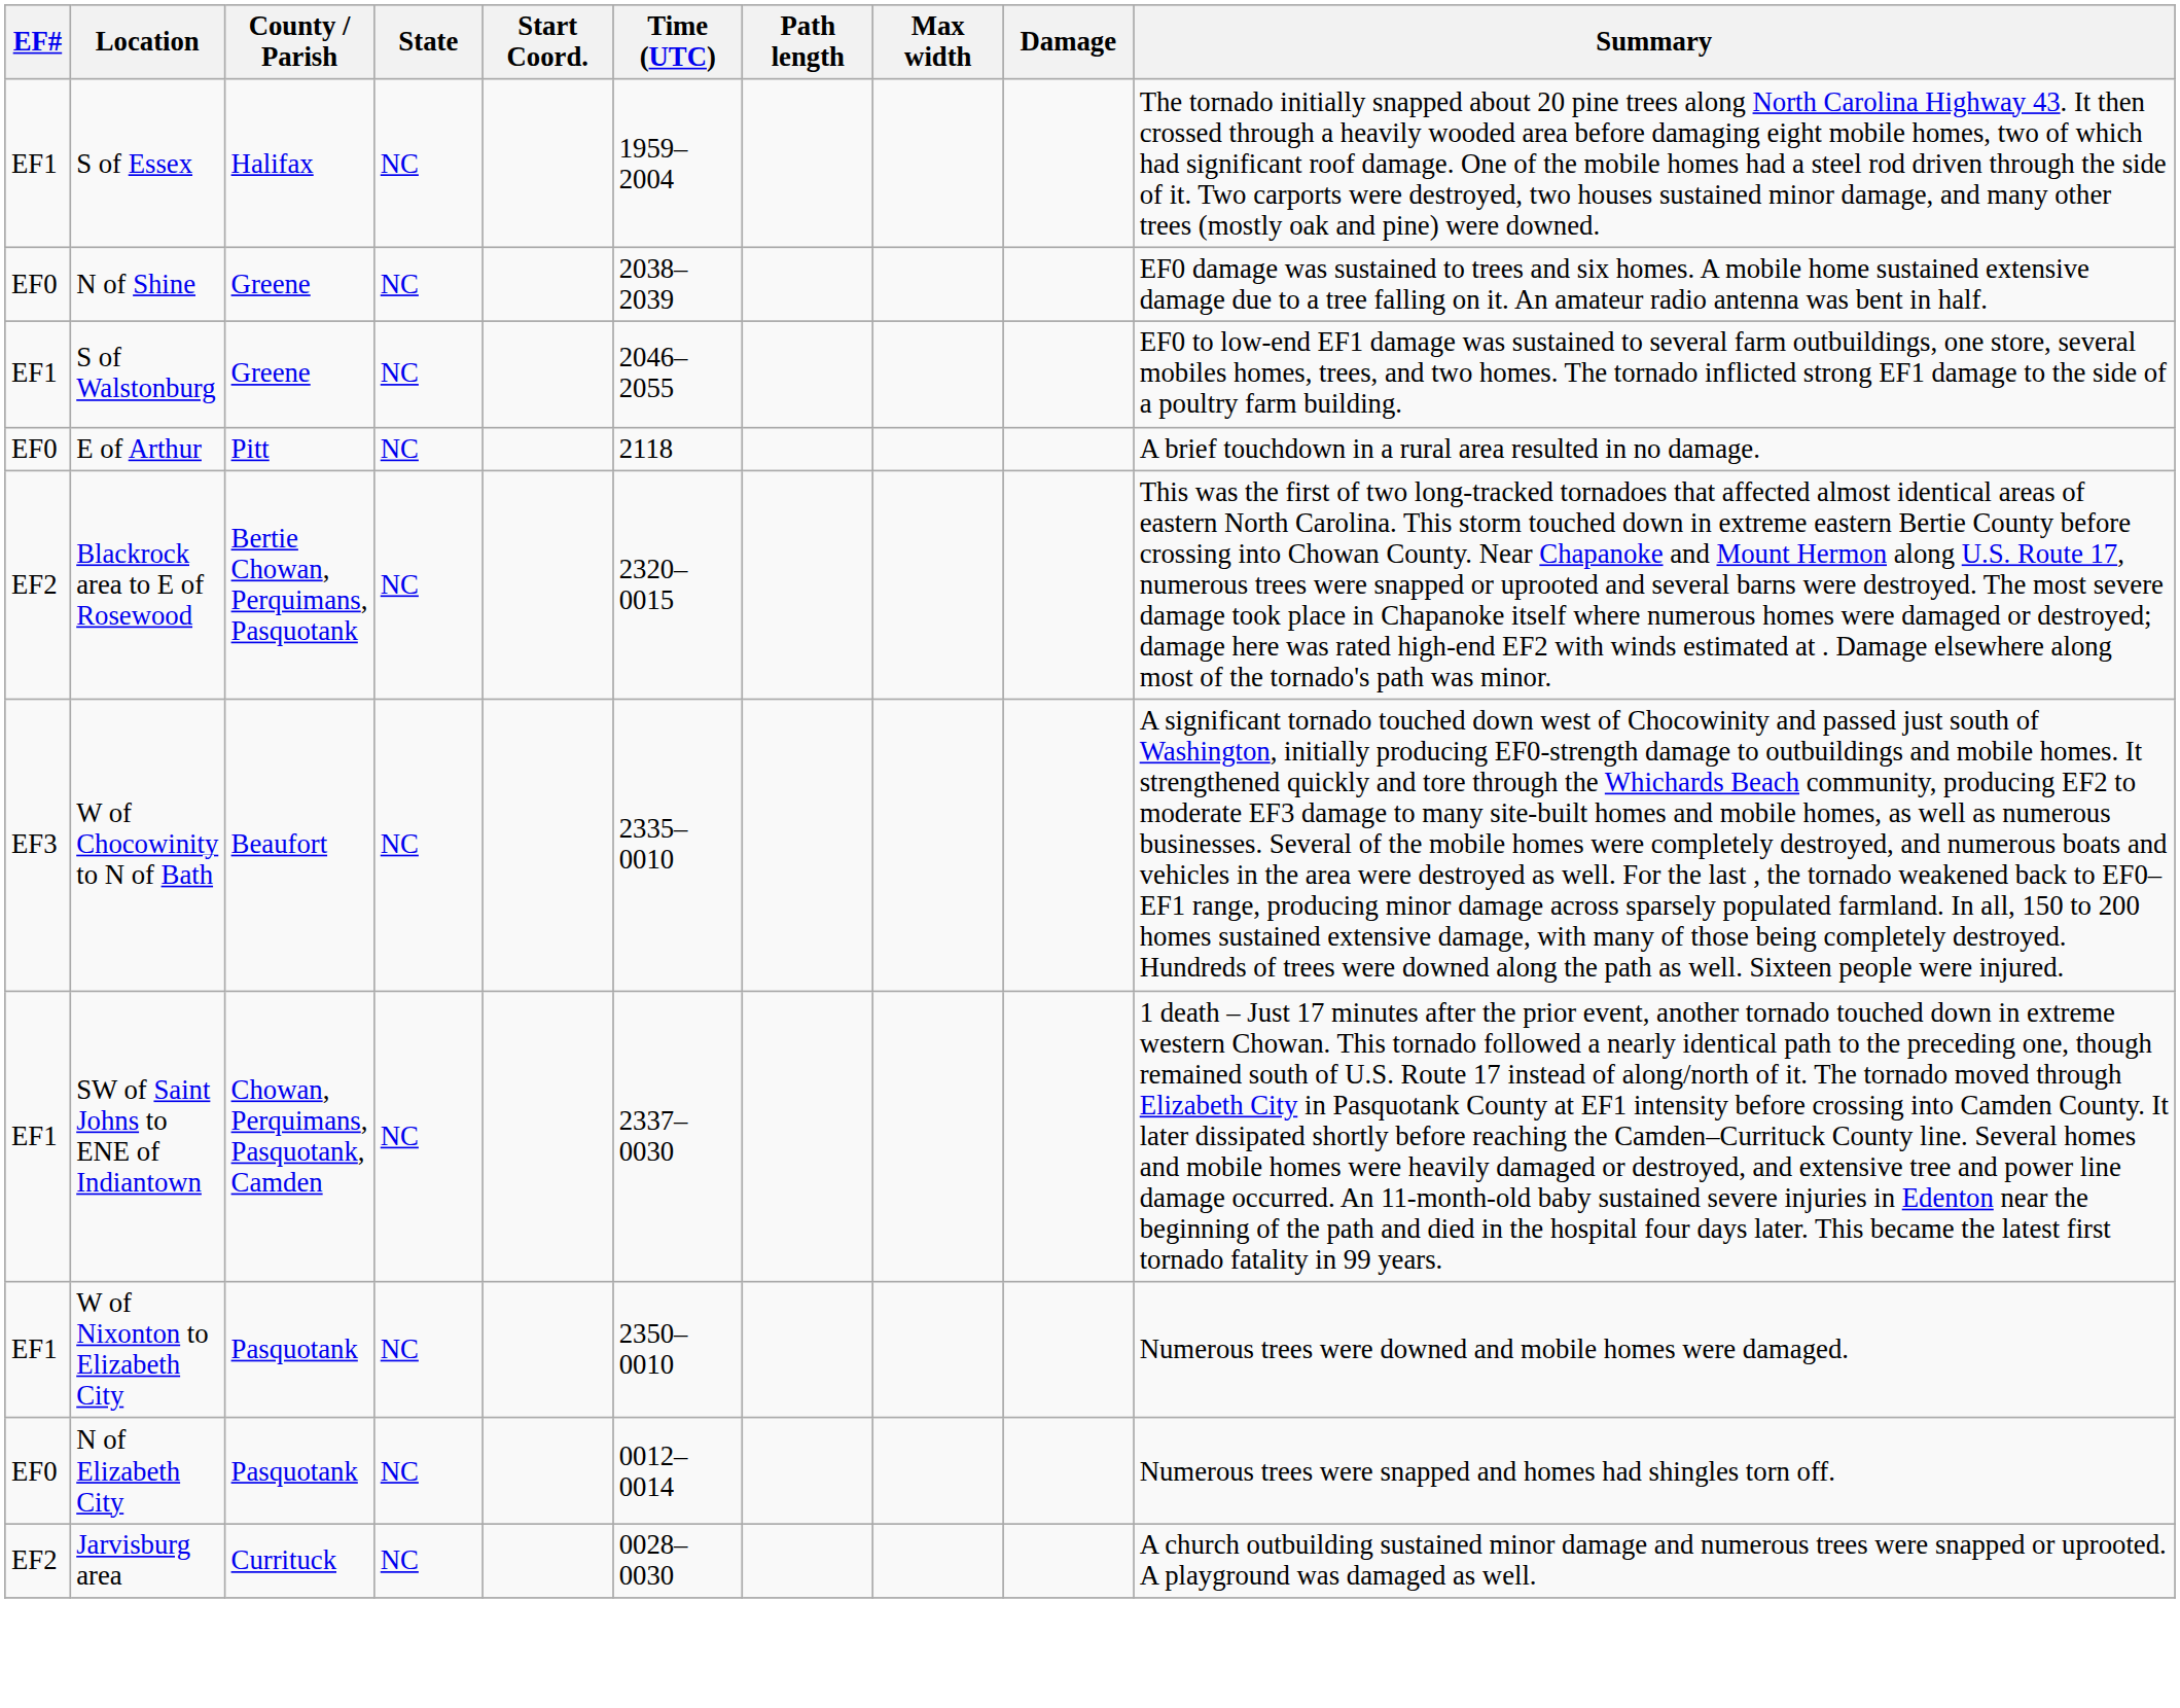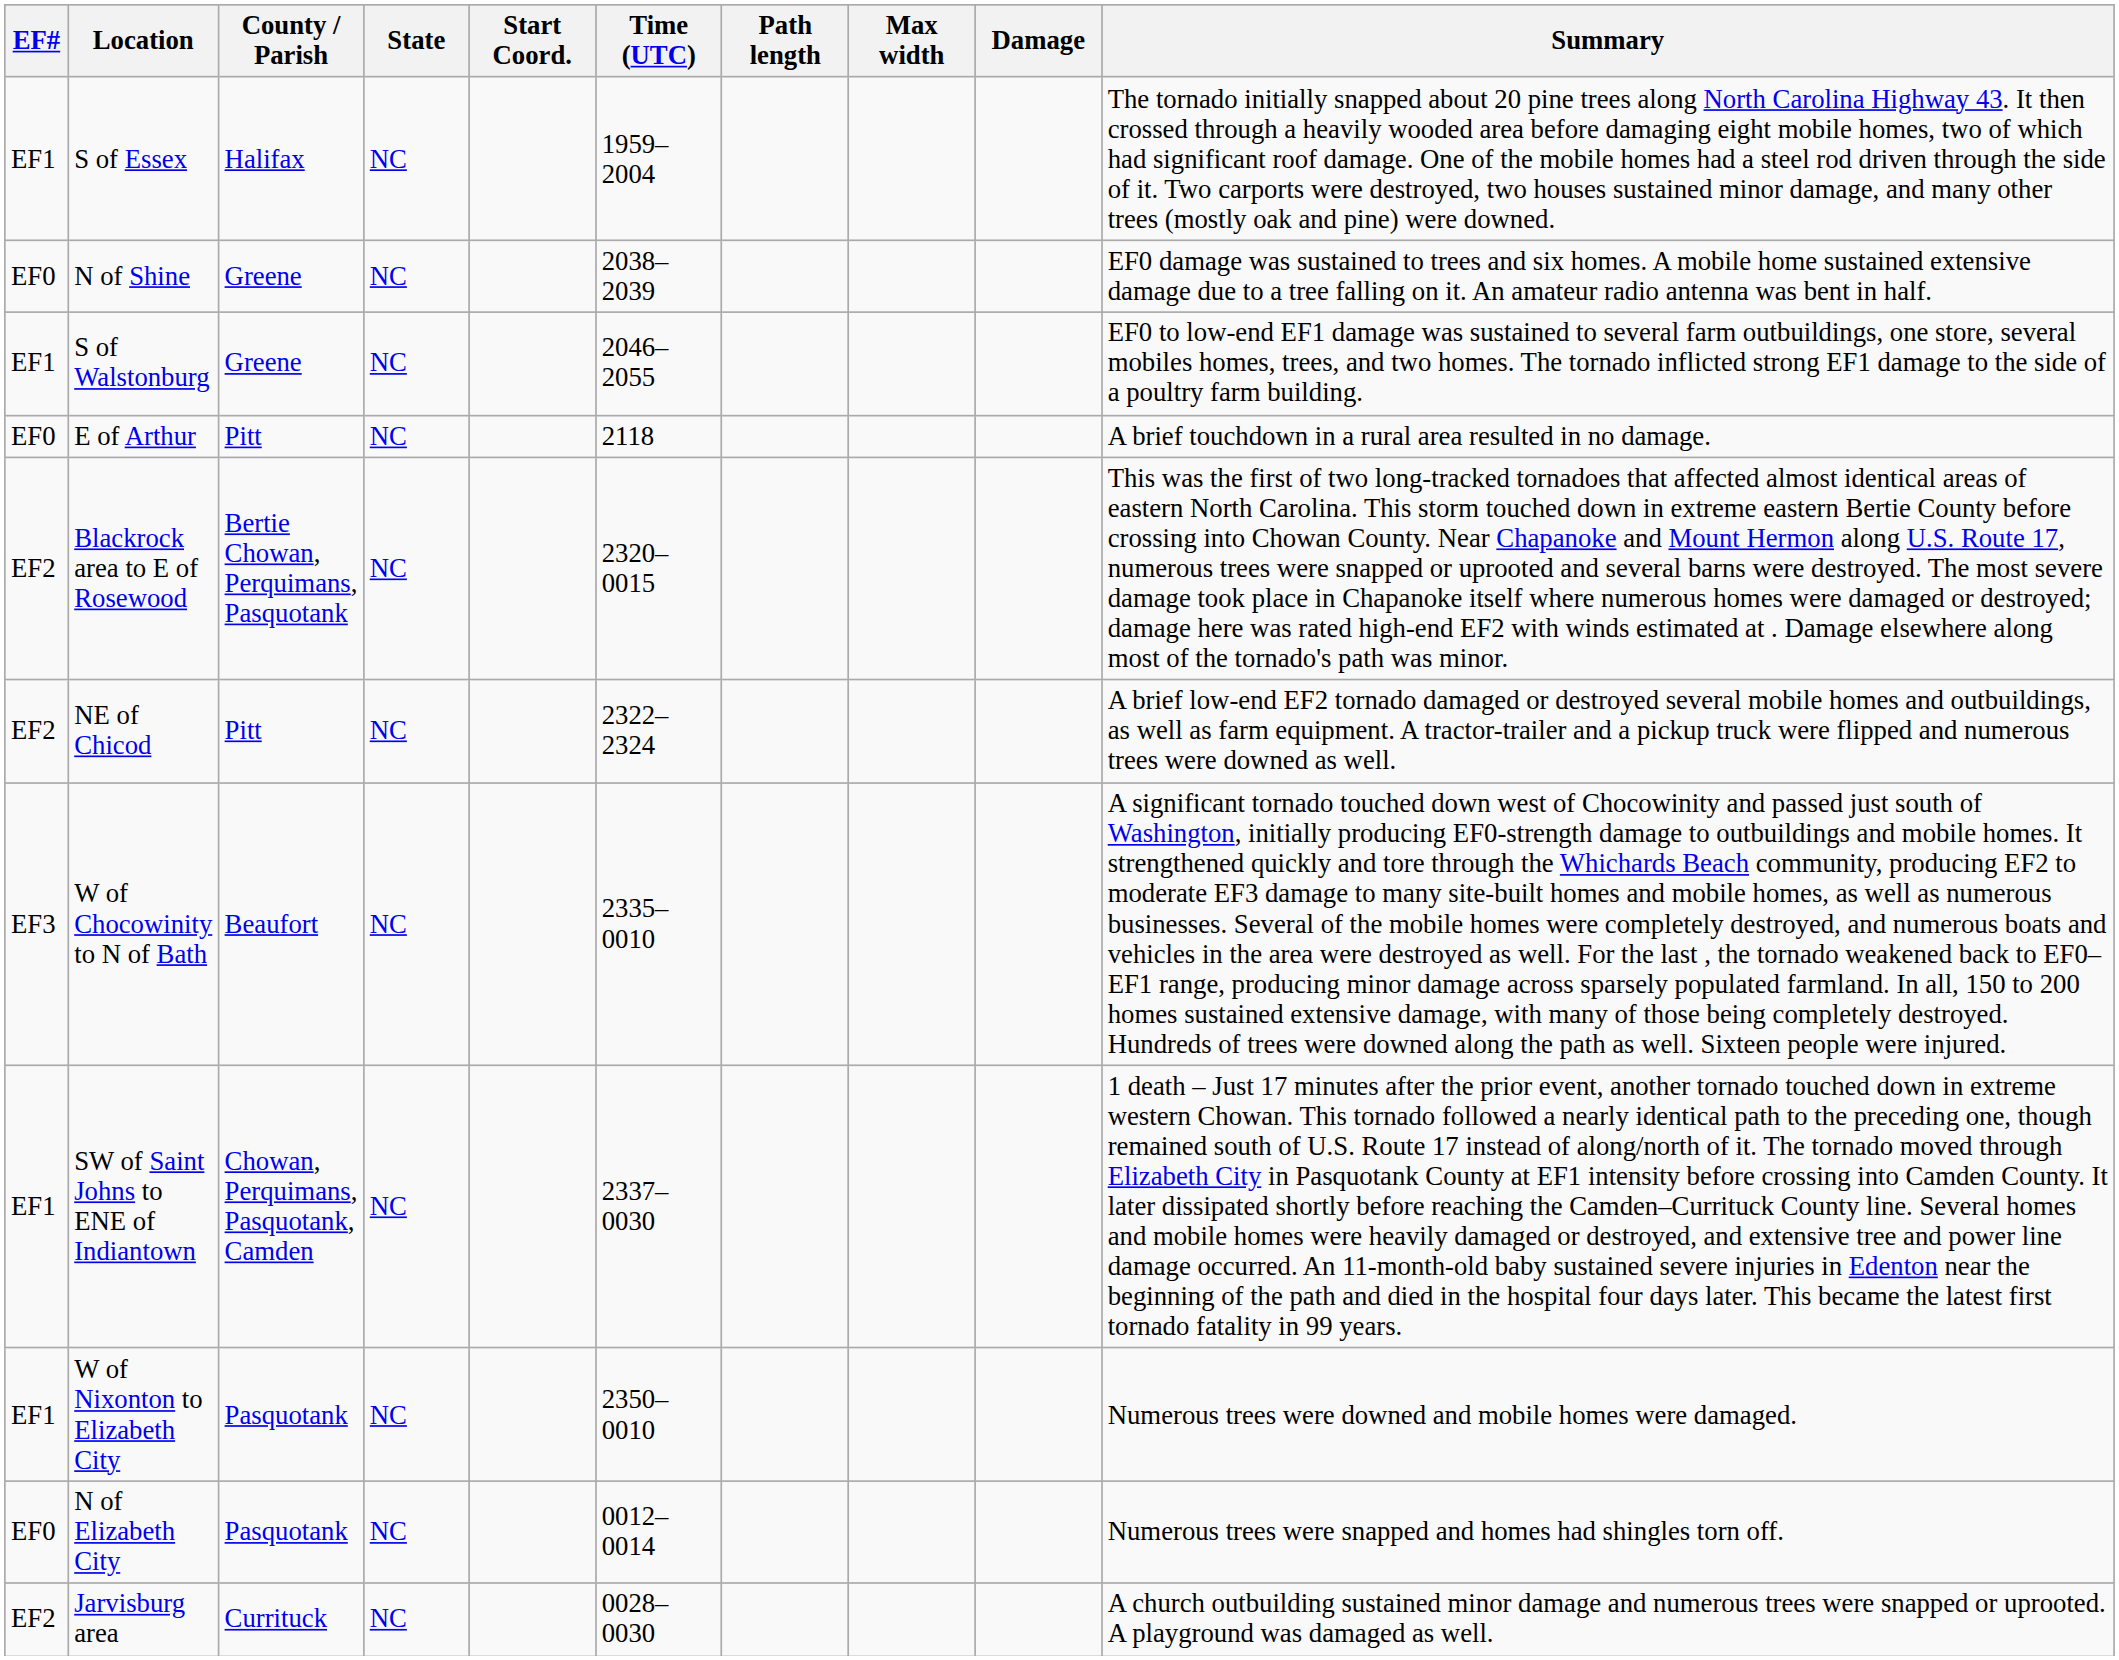 <table class="wikitable sortable" style="width:100%;">
 <tr>
 <th scope="col" width="3%" align="center"><a href='#'>EF#</a></th>
 <th scope="col" width="7%" align="center" class="unsortable">Location</th>
 <th scope="col" width="6%" align="center" class="unsortable">County / Parish</th>
 <th scope="col" width="5%" align="center">State</th>
 <th scope="col" width="6%" align="center">Start Coord.</th>
 <th scope="col" width="6%" align="center">Time (<a href='#'>UTC</a>)</th>
 <th scope="col" width="6%" align="center">Path length</th>
 <th scope="col" width="6%" align="center">Max width</th>
 <th scope="col" width="6%" align="center">Damage</th>
 <th scope="col" width="48%" class="unsortable" align="center">Summary</th>
 </tr>
 <tr>
 <td>EF1</td>
 <td>S of <a href='#'>Essex</a></td>
 <td><a href='#'>Halifax</a></td>
 <td><a href='#'>NC</a></td>
 <td></td>
 <td>1959–2004</td>
 <td></td>
 <td></td>
 <td></td>
 <td>The tornado initially snapped about 20 pine trees along <a href='#'>North Carolina Highway 43</a>. It then crossed through a heavily wooded area before damaging eight mobile homes, two of which had significant roof damage. One of the mobile homes had a steel rod driven through the side of it. Two carports were destroyed, two houses sustained minor damage, and many other trees (mostly oak and pine) were downed.</td>
 </tr>
 <tr>
 <td>EF0</td>
 <td>N of <a href='#'>Shine</a></td>
 <td><a href='#'>Greene</a></td>
 <td><a href='#'>NC</a></td>
 <td></td>
 <td>2038–2039</td>
 <td></td>
 <td></td>
 <td></td>
 <td>EF0 damage was sustained to trees and six homes. A mobile home sustained extensive damage due to a tree falling on it. An amateur radio antenna was bent in half.</td>
 </tr>
 <tr>
 <td>EF1</td>
 <td>S of <a href='#'>Walstonburg</a></td>
 <td><a href='#'>Greene</a></td>
 <td><a href='#'>NC</a></td>
 <td></td>
 <td>2046–2055</td>
 <td></td>
 <td></td>
 <td></td>
 <td>EF0 to low-end EF1 damage was sustained to several farm outbuildings, one store, several mobiles homes, trees, and two homes. The tornado inflicted strong EF1 damage to the side of a poultry farm building.</td>
 </tr>
 <tr>
 <td>EF0</td>
 <td>E of <a href='#'>Arthur</a></td>
 <td><a href='#'>Pitt</a></td>
 <td><a href='#'>NC</a></td>
 <td></td>
 <td>2118</td>
 <td></td>
 <td></td>
 <td></td>
 <td>A brief touchdown in a rural area resulted in no damage.</td>
 </tr>
 <tr>
 <td>EF2</td>
 <td><a href='#'>Blackrock</a> area to E of <a href='#'>Rosewood</a></td>
 <td><a href='#'>Bertie</a> <a href='#'>Chowan</a>, <a href='#'>Perquimans</a>, <a href='#'>Pasquotank</a></td>
 <td><a href='#'>NC</a></td>
 <td></td>
 <td>2320–0015</td>
 <td></td>
 <td></td>
 <td></td>
 <td>This was the first of two long-tracked tornadoes that affected almost identical areas of eastern North Carolina. This storm touched down in extreme eastern Bertie County before crossing into Chowan County. Near <a href='#'>Chapanoke</a> and <a href='#'>Mount Hermon</a> along <a href='#'>U.S. Route 17</a>, numerous trees were snapped or uprooted and several barns were destroyed. The most severe damage took place in Chapanoke itself where numerous homes were damaged or destroyed; damage here was rated high-end EF2 with winds estimated at . Damage elsewhere along most of the tornado's path was minor.</td>
 </tr>
 <tr>
+<td>EF2</td>
+<td>NE of <a href='#'>Chicod</a></td>
+<td><a href='#'>Pitt</a></td>
+<td><a href='#'>NC</a></td>
+<td></td>
+<td>2322–2324</td>
+<td></td>
+<td></td>
+<td></td>
+<td>A brief low-end EF2 tornado damaged or destroyed several mobile homes and outbuildings, as well as farm equipment. A tractor-trailer and a pickup truck were flipped and numerous trees were downed as well.</td>
+</tr>
+<tr>
 <td>EF3</td>
 <td>W of <a href='#'>Chocowinity</a> to N of <a href='#'>Bath</a></td>
 <td><a href='#'>Beaufort</a></td>
 <td><a href='#'>NC</a></td>
 <td></td>
 <td>2335–0010</td>
 <td></td>
 <td></td>
 <td></td>
 <td>A significant tornado touched down west of Chocowinity and passed just south of <a href='#'>Washington</a>, initially producing EF0-strength damage to outbuildings and mobile homes. It strengthened quickly and tore through the <a href='#'>Whichards Beach</a> community, producing EF2 to moderate EF3 damage to many site-built homes and mobile homes, as well as numerous businesses. Several of the mobile homes were completely destroyed, and numerous boats and vehicles in the area were destroyed as well. For the last , the tornado weakened back to EF0–EF1 range, producing minor damage across sparsely populated farmland. In all, 150 to 200 homes sustained extensive damage, with many of those being completely destroyed. Hundreds of trees were downed along the path as well. Sixteen people were injured.</td>
 </tr>
 <tr>
 <td>EF1</td>
 <td>SW of <a href='#'>Saint Johns</a> to ENE of <a href='#'>Indiantown</a></td>
 <td><a href='#'>Chowan</a>, <a href='#'>Perquimans</a>, <a href='#'>Pasquotank</a>, <a href='#'>Camden</a></td>
 <td><a href='#'>NC</a></td>
 <td></td>
 <td>2337–0030</td>
 <td></td>
 <td></td>
 <td></td>
 <td>1 death – Just 17 minutes after the prior event, another tornado touched down in extreme western Chowan. This tornado followed a nearly identical path to the preceding one, though remained south of U.S. Route 17 instead of along/north of it. The tornado moved through <a href='#'>Elizabeth City</a> in Pasquotank County at EF1 intensity before crossing into Camden County. It later dissipated shortly before reaching the Camden–Currituck County line. Several homes and mobile homes were heavily damaged or destroyed, and extensive tree and power line damage occurred. An 11-month-old baby sustained severe injuries in <a href='#'>Edenton</a> near the beginning of the path and died in the hospital four days later. This became the latest first tornado fatality in 99 years.</td>
 </tr>
 <tr>
 <td>EF1</td>
 <td>W of <a href='#'>Nixonton</a> to <a href='#'>Elizabeth City</a></td>
 <td><a href='#'>Pasquotank</a></td>
 <td><a href='#'>NC</a></td>
 <td></td>
 <td>2350–0010</td>
 <td></td>
 <td></td>
 <td></td>
 <td>Numerous trees were downed and mobile homes were damaged.</td>
 </tr>
 <tr>
 <td>EF0</td>
 <td>N of <a href='#'>Elizabeth City</a></td>
 <td><a href='#'>Pasquotank</a></td>
 <td><a href='#'>NC</a></td>
 <td></td>
 <td>0012–0014</td>
 <td></td>
 <td></td>
 <td></td>
 <td>Numerous trees were snapped and homes had shingles torn off.</td>
 </tr>
 <tr>
 <td>EF2</td>
 <td><a href='#'>Jarvisburg</a> area</td>
 <td><a href='#'>Currituck</a></td>
 <td><a href='#'>NC</a></td>
 <td></td>
 <td>0028–0030</td>
 <td></td>
 <td></td>
 <td></td>
 <td>A church outbuilding sustained minor damage and numerous trees were snapped or uprooted. A playground was damaged as well.</td>
 </tr>
 </table>
